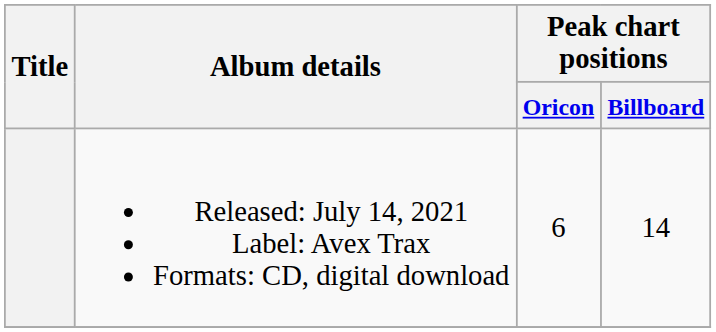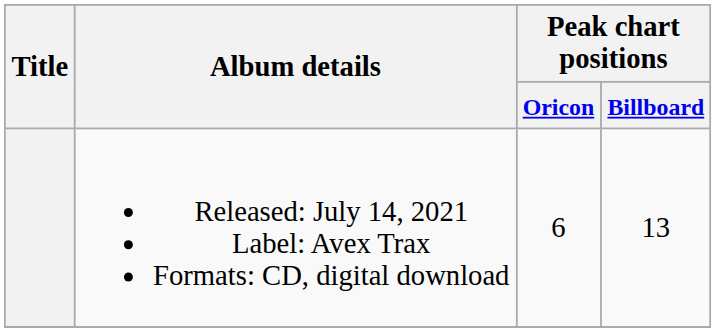 <table class="wikitable plainrowheaders" style="text-align:center;">
 <tr>
 <th scope="col" rowspan="2">Title</th>
 <th scope="col" rowspan="2">Album details</th>
 <th scope="col" colspan="2">Peak chart positions</th>
 </tr>
 <tr>
 <th scope="col" style="width:2.5em;"><small><a href='#'>Oricon</a></small></th>
 <th scope="col" style="width:2.5em;"><small><a href='#'>Billboard</a></small></th>
 </tr>
 <tr>
 <th scope="row"><em></th>
 <td><br><ul><li>Released: July 14, 2021</li><li>Label: Avex Trax</li><li>Formats: CD, digital download</li></ul></td>
 <td>6</td>
-<td>14</td>
+<td>13</td>
 </tr>
 <tr>
 </tr>
 </table>
